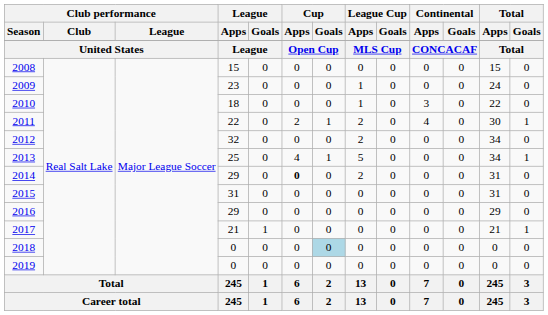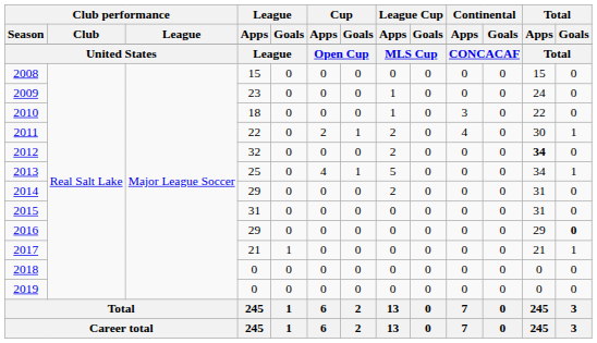 <table class="wikitable" style="text-align:center">
 <tr>
 <th colspan=3>Club performance</th>
 <th colspan=2>League</th>
 <th colspan=2>Cup</th>
 <th colspan=2>League Cup</th>
 <th colspan=2>Continental</th>
 <th colspan=2>Total</th>
 </tr>
 <tr>
 <th>Season</th>
 <th>Club</th>
 <th>League</th>
 <th>Apps</th>
 <th>Goals</th>
 <th>Apps</th>
 <th>Goals</th>
 <th>Apps</th>
 <th>Goals</th>
 <th>Apps</th>
 <th>Goals</th>
 <th>Apps</th>
 <th>Goals</th>
 </tr>
 <tr>
 </tr>
 <tr>
 <th colspan=3>United States</th>
 <th colspan=2>League</th>
 <th colspan=2><a href='#'>Open Cup</a></th>
 <th colspan=2><a href='#'>MLS Cup</a></th>
 <th colspan=2><a href='#'>CONCACAF</a></th>
 <th colspan=2>Total</th>
 </tr>
 <tr>
 <td><a href='#'>2008</a></td>
 <td rowspan="12"><a href='#'>Real Salt Lake</a></td>
 <td rowspan="12"><a href='#'>Major League Soccer</a></td>
 <td>15</td>
 <td>0</td>
 <td>0</td>
 <td>0</td>
 <td>0</td>
 <td>0</td>
 <td>0</td>
 <td>0</td>
 <td>15</td>
 <td>0</td>
 </tr>
 <tr>
 <td><a href='#'>2009</a></td>
 <td>23</td>
 <td>0</td>
 <td>0</td>
 <td>0</td>
 <td>1</td>
 <td>0</td>
 <td>0</td>
 <td>0</td>
 <td>24</td>
 <td>0</td>
 </tr>
 <tr>
 <td><a href='#'>2010</a></td>
 <td>18</td>
 <td>0</td>
 <td>0</td>
 <td>0</td>
 <td>1</td>
 <td>0</td>
 <td>3</td>
 <td>0</td>
 <td>22</td>
 <td>0</td>
 </tr>
 <tr>
 <td><a href='#'>2011</a></td>
 <td>22</td>
 <td>0</td>
 <td>2</td>
 <td>1</td>
 <td>2</td>
 <td>0</td>
 <td>4</td>
 <td>0</td>
 <td>30</td>
 <td>1</td>
 </tr>
 <tr>
 <td><a href='#'>2012</a></td>
 <td>32</td>
 <td>0</td>
 <td>0</td>
 <td>0</td>
 <td>2</td>
 <td>0</td>
 <td>0</td>
 <td>0</td>
-<td>34</td>
+<td><strong>34</strong></td>
 <td>0</td>
 </tr>
 <tr>
 <td><a href='#'>2013</a></td>
 <td>25</td>
 <td>0</td>
 <td>4</td>
 <td>1</td>
 <td>5</td>
 <td>0</td>
 <td>0</td>
 <td>0</td>
 <td>34</td>
 <td>1</td>
 </tr>
 <tr>
 <td><a href='#'>2014</a></td>
 <td>29</td>
 <td>0</td>
-<td><strong>0</strong></td>
+<td>0</td>
 <td>0</td>
 <td>2</td>
 <td>0</td>
 <td>0</td>
 <td>0</td>
 <td>31</td>
 <td>0</td>
 </tr>
 <tr>
 <td><a href='#'>2015</a></td>
 <td>31</td>
 <td>0</td>
 <td>0</td>
 <td>0</td>
 <td>0</td>
 <td>0</td>
 <td>0</td>
 <td>0</td>
 <td>31</td>
 <td>0</td>
 </tr>
 <tr>
 <td><a href='#'>2016</a></td>
 <td>29</td>
 <td>0</td>
 <td>0</td>
 <td>0</td>
 <td>0</td>
 <td>0</td>
 <td>0</td>
 <td>0</td>
 <td>29</td>
-<td>0</td>
+<td><strong>0</strong></td>
 </tr>
 <tr>
 <td><a href='#'>2017</a></td>
 <td>21</td>
 <td>1</td>
 <td>0</td>
 <td>0</td>
 <td>0</td>
 <td>0</td>
 <td>0</td>
 <td>0</td>
 <td>21</td>
 <td>1</td>
 </tr>
 <tr>
 <td><a href='#'>2018</a></td>
 <td>0</td>
 <td>0</td>
 <td>0</td>
-<td style="background: lightblue;">0</td>
+<td>0</td>
 <td>0</td>
 <td>0</td>
 <td>0</td>
 <td>0</td>
 <td>0</td>
 <td>0</td>
 </tr>
 <tr>
 <td><a href='#'>2019</a></td>
 <td>0</td>
 <td>0</td>
 <td>0</td>
 <td>0</td>
 <td>0</td>
 <td>0</td>
 <td>0</td>
 <td>0</td>
 <td>0</td>
 <td>0</td>
 </tr>
 <tr>
 <th colspan="3">Total</th>
 <th>245</th>
 <th>1</th>
 <th>6</th>
 <th>2</th>
 <th>13</th>
 <th>0</th>
 <th>7</th>
 <th>0</th>
 <th>245</th>
 <th>3</th>
 </tr>
 <tr>
 <th colspan=3>Career total</th>
 <th>245</th>
 <th>1</th>
 <th>6</th>
 <th>2</th>
 <th>13</th>
 <th>0</th>
 <th>7</th>
 <th>0</th>
 <th>245</th>
 <th>3</th>
 </tr>
 </table>
